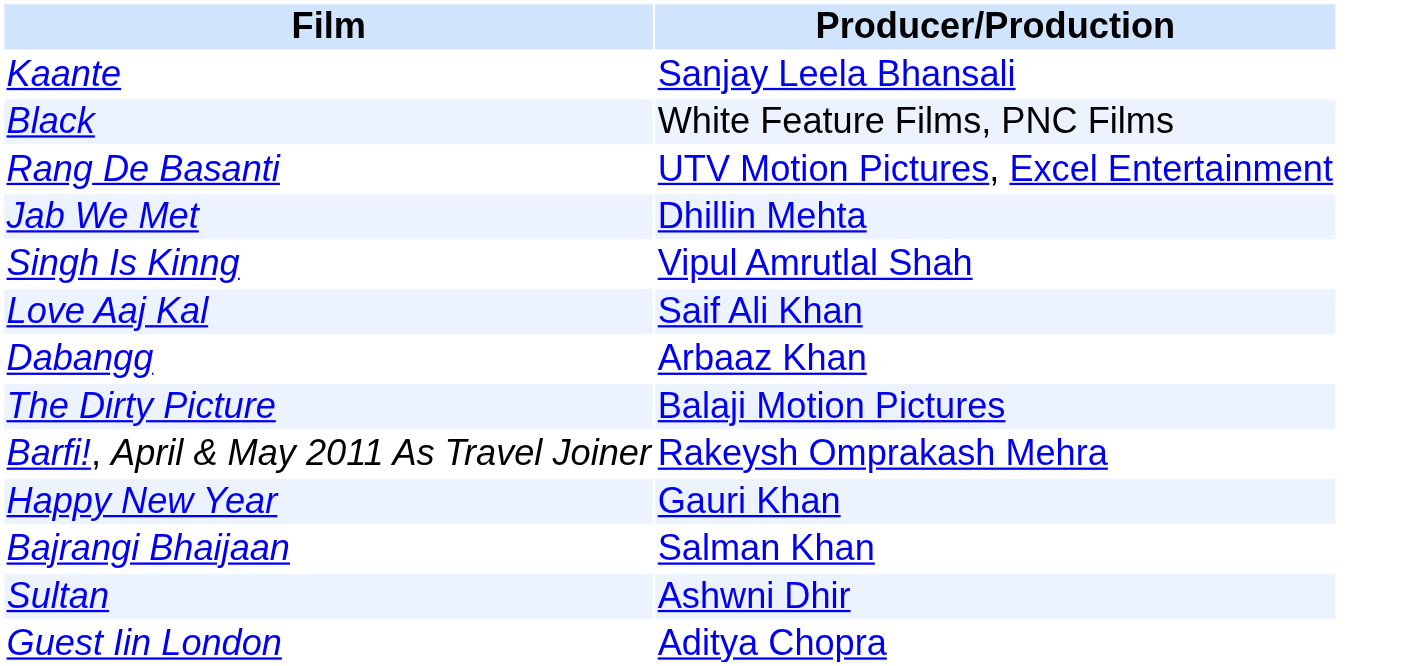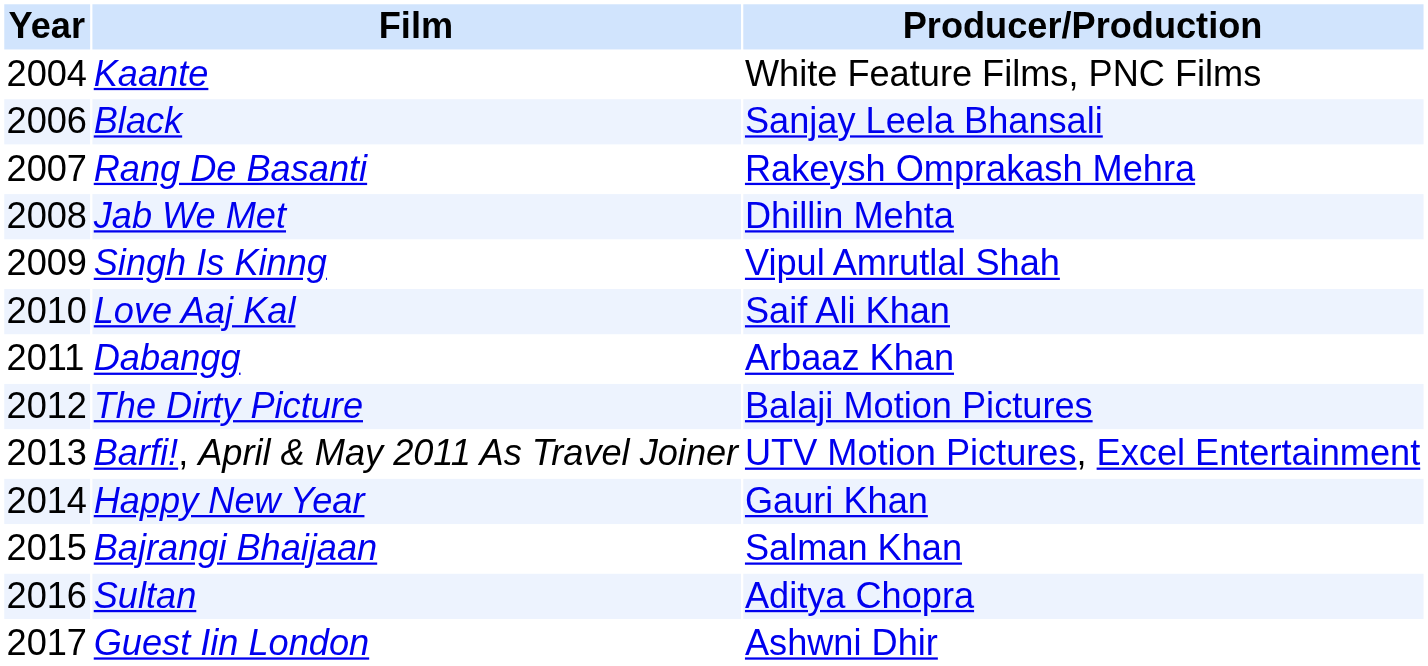 <table cellspacing="1">
 <tr bgcolor="#d1e4fd">
+<th>Year</th>
 <th>Film</th>
 <th>Producer/Production</th>
 </tr>
 <tr>
+<td>2004</td>
 <td><em><a href='#'>Kaante</a></em></td>
+<td>White Feature Films, PNC Films</td>
+</tr>
+<tr style="background:#edf3fe;">
+<td>2006</td>
+<td><em><a href='#'>Black</a></em></td>
 <td><a href='#'>Sanjay Leela Bhansali</a></td>
 </tr>
-<tr style="background:#edf3fe;">
-<td><em><a href='#'>Black</a></em></td>
-<td>White Feature Films, PNC Films</td>
-</tr>
 <tr>
+<td>2007</td>
 <td><em><a href='#'>Rang De Basanti</a></em></td>
-<td><a href='#'>UTV Motion Pictures</a>, <a href='#'>Excel Entertainment</a></td>
+<td><a href='#'>Rakeysh Omprakash Mehra</a></td>
 </tr>
 <tr style="background:#edf3fe;">
+<td>2008</td>
 <td><em><a href='#'>Jab We Met</a></em></td>
 <td><a href='#'>Dhillin Mehta</a></td>
 </tr>
 <tr>
+<td>2009</td>
 <td><em><a href='#'>Singh Is Kinng</a></em></td>
 <td><a href='#'>Vipul Amrutlal Shah</a></td>
 </tr>
 <tr style="background:#edf3fe;">
+<td>2010</td>
 <td><em><a href='#'>Love Aaj Kal</a></em></td>
 <td><a href='#'>Saif Ali Khan</a></td>
 </tr>
 <tr>
+<td>2011</td>
 <td><em><a href='#'>Dabangg</a></em></td>
 <td><a href='#'>Arbaaz Khan</a></td>
 </tr>
 <tr style="background:#edf3fe;">
+<td>2012</td>
 <td><em><a href='#'>The Dirty Picture</a></em></td>
 <td><a href='#'>Balaji Motion Pictures</a></td>
 </tr>
 <tr>
+<td>2013</td>
 <td><em><a href='#'>Barfi!</a></em>, <em>April & May 2011 As Travel Joiner</em></td>
-<td><a href='#'>Rakeysh Omprakash Mehra</a></td>
+<td><a href='#'>UTV Motion Pictures</a>, <a href='#'>Excel Entertainment</a></td>
 </tr>
 <tr style="background:#edf3fe;">
+<td>2014</td>
 <td><em><a href='#'>Happy New Year</a></em></td>
 <td><a href='#'>Gauri Khan</a></td>
 </tr>
 <tr>
+<td>2015</td>
 <td><em><a href='#'>Bajrangi Bhaijaan</a></em></td>
 <td><a href='#'>Salman Khan</a></td>
 </tr>
 <tr style="background:#edf3fe">
+<td>2016</td>
 <td><em><a href='#'>Sultan</a></em></td>
+<td><a href='#'>Aditya Chopra</a></td>
+</tr>
+<tr>
+<td>2017</td>
+<td><em><a href='#'>Guest Iin London</a></em></td>
 <td><a href='#'>Ashwni Dhir</a></td>
 </tr>
-<tr>
-<td><em><a href='#'>Guest Iin London</a></em></td>
-<td><a href='#'>Aditya Chopra</a></td>
-</tr>
 </table>
